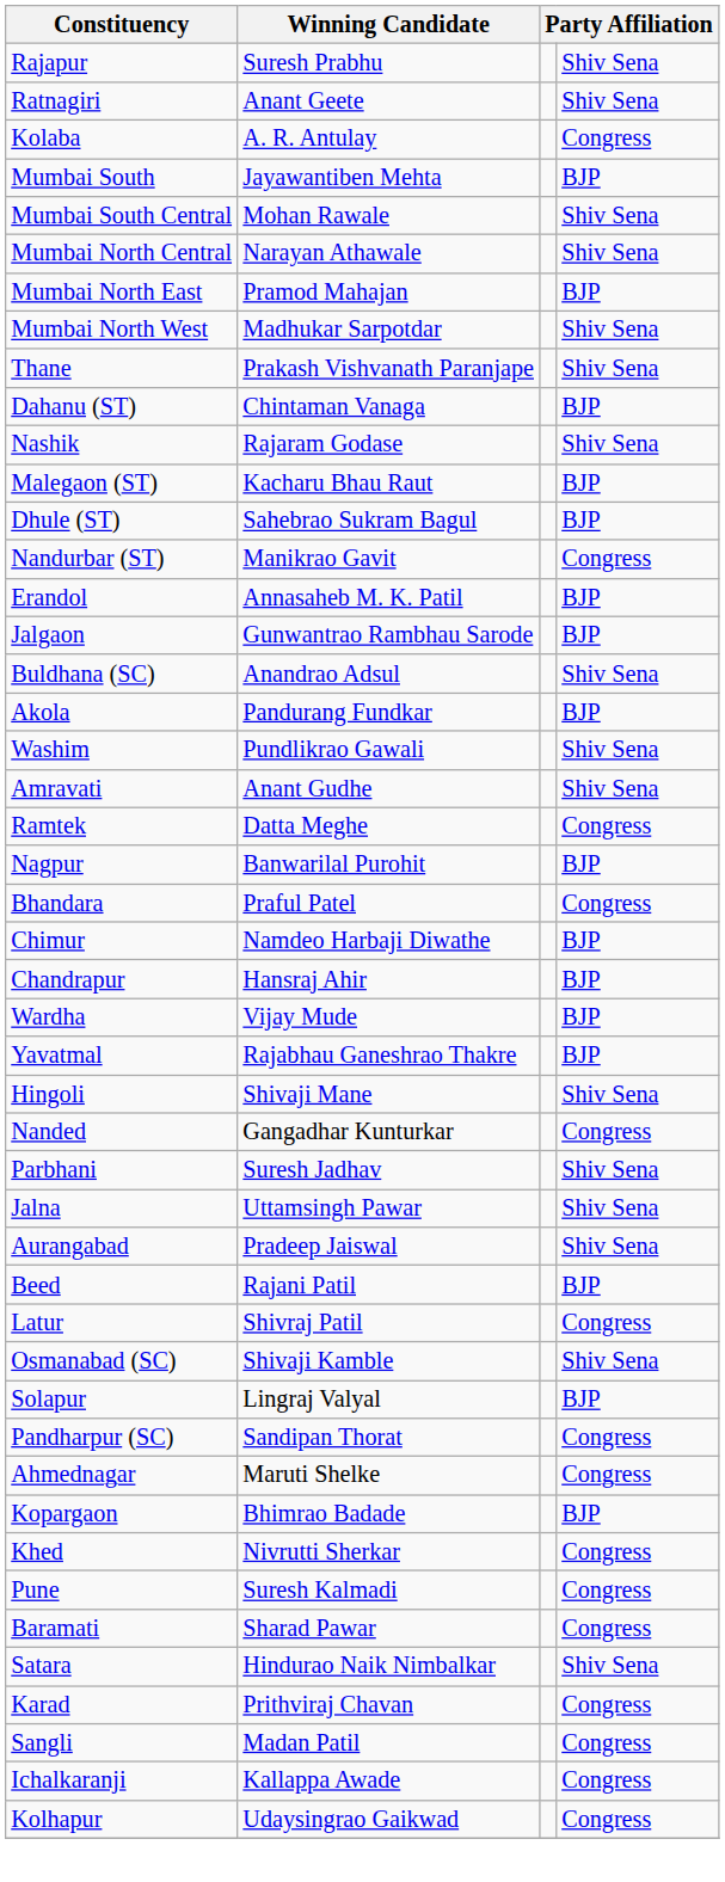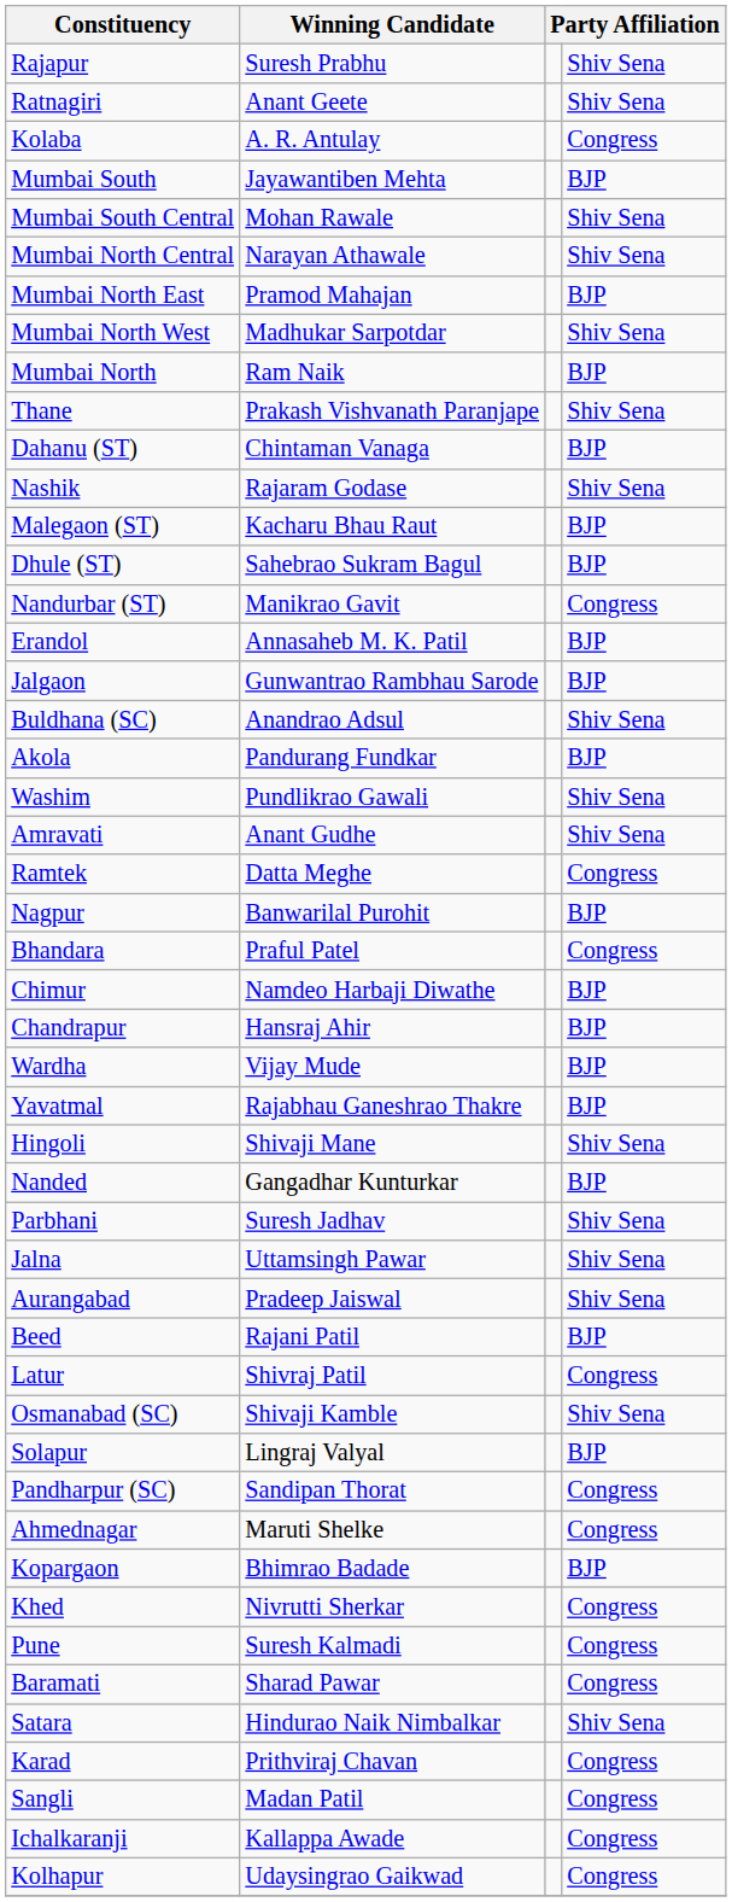 <table class="wikitable sortable">
 <tr>
 <th>Constituency</th>
 <th>Winning Candidate</th>
 <th colspan="2">Party Affiliation</th>
 </tr>
 <tr>
 <td><a href='#'>Rajapur</a></td>
 <td><a href='#'>Suresh Prabhu</a></td>
 <td style="background-color: "></td>
 <td><a href='#'>Shiv Sena</a></td>
 </tr>
 <tr>
 <td><a href='#'>Ratnagiri</a></td>
 <td><a href='#'>Anant Geete</a></td>
 <td style="background-color: "></td>
 <td><a href='#'>Shiv Sena</a></td>
 </tr>
 <tr>
 <td><a href='#'>Kolaba</a></td>
 <td><a href='#'>A. R. Antulay</a></td>
 <td style="background-color: "></td>
 <td><a href='#'>Congress</a></td>
 </tr>
 <tr>
 <td><a href='#'>Mumbai South</a></td>
 <td><a href='#'>Jayawantiben Mehta</a></td>
 <td style="background-color: "></td>
 <td><a href='#'>BJP</a></td>
 </tr>
 <tr>
 <td><a href='#'>Mumbai South Central</a></td>
 <td><a href='#'>Mohan Rawale</a></td>
 <td style="background-color: "></td>
 <td><a href='#'>Shiv Sena</a></td>
 </tr>
 <tr>
 <td><a href='#'>Mumbai North Central</a></td>
 <td><a href='#'>Narayan Athawale</a></td>
 <td style="background-color: "></td>
 <td><a href='#'>Shiv Sena</a></td>
 </tr>
 <tr>
 <td><a href='#'>Mumbai North East</a></td>
 <td><a href='#'>Pramod Mahajan</a></td>
 <td style="background-color: "></td>
 <td><a href='#'>BJP</a></td>
 </tr>
 <tr>
 <td><a href='#'>Mumbai North West</a></td>
 <td><a href='#'>Madhukar Sarpotdar</a></td>
 <td style="background-color: "></td>
 <td><a href='#'>Shiv Sena</a></td>
+</tr>
+<tr>
+<td><a href='#'>Mumbai North</a></td>
+<td><a href='#'>Ram Naik</a></td>
+<td style="background-color: "></td>
+<td><a href='#'>BJP</a></td>
 </tr>
 <tr>
 <td><a href='#'>Thane</a></td>
 <td><a href='#'>Prakash Vishvanath Paranjape</a></td>
 <td style="background-color: "></td>
 <td><a href='#'>Shiv Sena</a></td>
 </tr>
 <tr>
 <td><a href='#'>Dahanu</a> (<a href='#'>ST</a>)</td>
 <td><a href='#'>Chintaman Vanaga</a></td>
 <td style="background-color: "></td>
 <td><a href='#'>BJP</a></td>
 </tr>
 <tr>
 <td><a href='#'>Nashik</a></td>
 <td><a href='#'>Rajaram Godase</a></td>
 <td style="background-color: "></td>
 <td><a href='#'>Shiv Sena</a></td>
 </tr>
 <tr>
 <td><a href='#'>Malegaon</a> (<a href='#'>ST</a>)</td>
 <td><a href='#'>Kacharu Bhau Raut</a></td>
 <td style="background-color: "></td>
 <td><a href='#'>BJP</a></td>
 </tr>
 <tr>
 <td><a href='#'>Dhule</a> (<a href='#'>ST</a>)</td>
 <td><a href='#'>Sahebrao Sukram Bagul</a></td>
 <td style="background-color: "></td>
 <td><a href='#'>BJP</a></td>
 </tr>
 <tr>
 <td><a href='#'>Nandurbar</a> (<a href='#'>ST</a>)</td>
 <td><a href='#'>Manikrao Gavit</a></td>
 <td style="background-color: "></td>
 <td><a href='#'>Congress</a></td>
 </tr>
 <tr>
 <td><a href='#'>Erandol</a></td>
 <td><a href='#'>Annasaheb M. K. Patil</a></td>
 <td style="background-color: "></td>
 <td><a href='#'>BJP</a></td>
 </tr>
 <tr>
 <td><a href='#'>Jalgaon</a></td>
 <td><a href='#'>Gunwantrao Rambhau Sarode</a></td>
 <td style="background-color: "></td>
 <td><a href='#'>BJP</a></td>
 </tr>
 <tr>
 <td><a href='#'>Buldhana</a> (<a href='#'>SC</a>)</td>
 <td><a href='#'>Anandrao Adsul</a></td>
 <td style="background-color: "></td>
 <td><a href='#'>Shiv Sena</a></td>
 </tr>
 <tr>
 <td><a href='#'>Akola</a></td>
 <td><a href='#'>Pandurang Fundkar</a></td>
 <td style="background-color: "></td>
 <td><a href='#'>BJP</a></td>
 </tr>
 <tr>
 <td><a href='#'>Washim</a></td>
 <td><a href='#'>Pundlikrao Gawali</a></td>
 <td style="background-color: "></td>
 <td><a href='#'>Shiv Sena</a></td>
 </tr>
 <tr>
 <td><a href='#'>Amravati</a></td>
 <td><a href='#'>Anant Gudhe</a></td>
 <td style="background-color: "></td>
 <td><a href='#'>Shiv Sena</a></td>
 </tr>
 <tr>
 <td><a href='#'>Ramtek</a></td>
 <td><a href='#'>Datta Meghe</a></td>
 <td style="background-color: "></td>
 <td><a href='#'>Congress</a></td>
 </tr>
 <tr>
 <td><a href='#'>Nagpur</a></td>
 <td><a href='#'>Banwarilal Purohit</a></td>
 <td style="background-color: "></td>
 <td><a href='#'>BJP</a></td>
 </tr>
 <tr>
 <td><a href='#'>Bhandara</a></td>
 <td><a href='#'>Praful Patel</a></td>
 <td style="background-color: "></td>
 <td><a href='#'>Congress</a></td>
 </tr>
 <tr>
 <td><a href='#'>Chimur</a></td>
 <td><a href='#'>Namdeo Harbaji Diwathe</a></td>
 <td style="background-color: "></td>
 <td><a href='#'>BJP</a></td>
 </tr>
 <tr>
 <td><a href='#'>Chandrapur</a></td>
 <td><a href='#'>Hansraj Ahir</a></td>
 <td style="background-color: "></td>
 <td><a href='#'>BJP</a></td>
 </tr>
 <tr>
 <td><a href='#'>Wardha</a></td>
 <td><a href='#'>Vijay Mude</a></td>
 <td style="background-color: "></td>
 <td><a href='#'>BJP</a></td>
 </tr>
 <tr>
 <td><a href='#'>Yavatmal</a></td>
 <td><a href='#'>Rajabhau Ganeshrao Thakre</a></td>
 <td style="background-color: "></td>
 <td><a href='#'>BJP</a></td>
 </tr>
 <tr>
 <td><a href='#'>Hingoli</a></td>
 <td><a href='#'>Shivaji Mane</a></td>
 <td style="background-color: "></td>
 <td><a href='#'>Shiv Sena</a></td>
 </tr>
 <tr>
 <td><a href='#'>Nanded</a></td>
 <td>Gangadhar Kunturkar</td>
 <td style="background-color: "></td>
-<td><a href='#'>Congress</a></td>
+<td><a href='#'>BJP</a></td>
 </tr>
 <tr>
 <td><a href='#'>Parbhani</a></td>
 <td><a href='#'>Suresh Jadhav</a></td>
 <td style="background-color: "></td>
 <td><a href='#'>Shiv Sena</a></td>
 </tr>
 <tr>
 <td><a href='#'>Jalna</a></td>
 <td><a href='#'>Uttamsingh Pawar</a></td>
 <td style="background-color: "></td>
 <td><a href='#'>Shiv Sena</a></td>
 </tr>
 <tr>
 <td><a href='#'>Aurangabad</a></td>
 <td><a href='#'>Pradeep Jaiswal</a></td>
 <td style="background-color: "></td>
 <td><a href='#'>Shiv Sena</a></td>
 </tr>
 <tr>
 <td><a href='#'>Beed</a></td>
 <td><a href='#'>Rajani Patil</a></td>
 <td style="background-color: "></td>
 <td><a href='#'>BJP</a></td>
 </tr>
 <tr>
 <td><a href='#'>Latur</a></td>
 <td><a href='#'>Shivraj Patil</a></td>
 <td style="background-color: "></td>
 <td><a href='#'>Congress</a></td>
 </tr>
 <tr>
 <td><a href='#'>Osmanabad</a> (<a href='#'>SC</a>)</td>
 <td><a href='#'>Shivaji Kamble</a></td>
 <td style="background-color: "></td>
 <td><a href='#'>Shiv Sena</a></td>
 </tr>
 <tr>
 <td><a href='#'>Solapur</a></td>
 <td>Lingraj Valyal</td>
 <td style="background-color: "></td>
 <td><a href='#'>BJP</a></td>
 </tr>
 <tr>
 <td><a href='#'>Pandharpur</a> (<a href='#'>SC</a>)</td>
 <td><a href='#'>Sandipan Thorat</a></td>
 <td style="background-color: "></td>
 <td><a href='#'>Congress</a></td>
 </tr>
 <tr>
 <td><a href='#'>Ahmednagar</a></td>
 <td>Maruti Shelke</td>
 <td style="background-color: "></td>
 <td><a href='#'>Congress</a></td>
 </tr>
 <tr>
 <td><a href='#'>Kopargaon</a></td>
 <td><a href='#'>Bhimrao Badade</a></td>
 <td style="background-color: "></td>
 <td><a href='#'>BJP</a></td>
 </tr>
 <tr>
 <td><a href='#'>Khed</a></td>
 <td><a href='#'>Nivrutti Sherkar</a></td>
 <td style="background-color: "></td>
 <td><a href='#'>Congress</a></td>
 </tr>
 <tr>
 <td><a href='#'>Pune</a></td>
 <td><a href='#'>Suresh Kalmadi</a></td>
 <td style="background-color: "></td>
 <td><a href='#'>Congress</a></td>
 </tr>
 <tr>
 <td><a href='#'>Baramati</a></td>
 <td><a href='#'>Sharad Pawar</a></td>
 <td style="background-color: "></td>
 <td><a href='#'>Congress</a></td>
 </tr>
 <tr>
 <td><a href='#'>Satara</a></td>
 <td><a href='#'>Hindurao Naik Nimbalkar</a></td>
 <td style="background-color: "></td>
 <td><a href='#'>Shiv Sena</a></td>
 </tr>
 <tr>
 <td><a href='#'>Karad</a></td>
 <td><a href='#'>Prithviraj Chavan</a></td>
 <td style="background-color: "></td>
 <td><a href='#'>Congress</a></td>
 </tr>
 <tr>
 <td><a href='#'>Sangli</a></td>
 <td><a href='#'>Madan Patil</a></td>
 <td style="background-color: "></td>
 <td><a href='#'>Congress</a></td>
 </tr>
 <tr>
 <td><a href='#'>Ichalkaranji</a></td>
 <td><a href='#'>Kallappa Awade</a></td>
 <td style="background-color: "></td>
 <td><a href='#'>Congress</a></td>
 </tr>
 <tr>
 <td><a href='#'>Kolhapur</a></td>
 <td><a href='#'>Udaysingrao Gaikwad</a></td>
 <td style="background-color: "></td>
 <td><a href='#'>Congress</a></td>
 </tr>
 <tr>
 </tr>
 </table>
